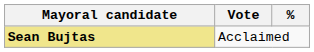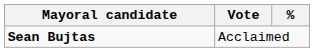 <table class="wikitable">
 <tr>
 <th width="200px">Mayoral candidate</th>
 <th width="50px">Vote</th>
 <th width="30px">%</th>
 </tr>
 <tr>
-<td style="background: khaki;"><strong>Sean Bujtas</strong> </td>
+<td><strong>Sean Bujtas</strong> </td>
 <td colspan="2">Acclaimed</td>
 </tr>
 </table>
